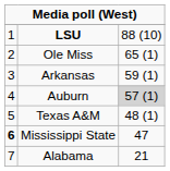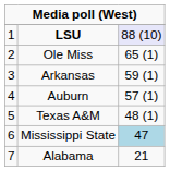 <table class="wikitable">
 <tr align="center">
 <td align="center" Colspan="3"><strong>Media poll (West)</strong></td>
 </tr>
 <tr align="center">
 </tr>
 <tr align="center">
 <td>1</td>
 <td><strong>LSU</strong></td>
-<td>88 (10)</td>
+<td style="background: lavender;">88 (10)</td>
 </tr>
 <tr align="center">
 <td>2</td>
 <td>Ole Miss</td>
 <td>65 (1)</td>
 </tr>
 <tr align="center">
 <td>3</td>
 <td>Arkansas</td>
 <td>59 (1)</td>
 </tr>
 <tr align="center">
 <td>4</td>
 <td>Auburn</td>
-<td style="background: lightgrey;">57 (1)</td>
+<td>57 (1)</td>
 </tr>
 <tr align="center">
 <td>5</td>
 <td>Texas A&M</td>
 <td>48 (1)</td>
 </tr>
 <tr align="center">
-<td><strong>6</strong></td>
+<td>6</td>
 <td>Mississippi State</td>
-<td>47</td>
+<td style="background: lightblue;">47</td>
 </tr>
 <tr align="center">
 <td>7</td>
 <td>Alabama</td>
 <td>21</td>
 </tr>
 </table>
